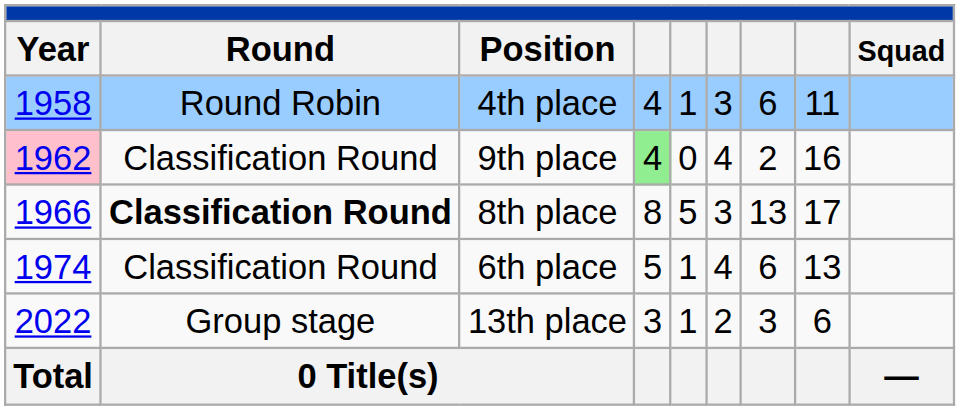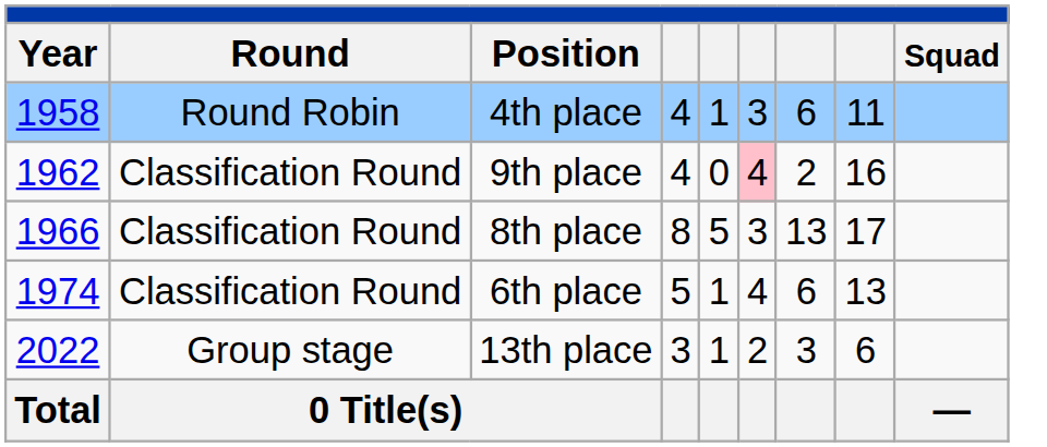 <table class="wikitable" style="text-align: center; font-size:95%;">
 <tr>
 <th colspan=9 style="background:#0038A8; color: #FFFFFF;"><a href='#'></a></th>
 </tr>
 <tr>
 <th>Year</th>
 <th>Round</th>
 <th>Position</th>
 <th></th>
 <th></th>
 <th></th>
 <th></th>
 <th></th>
 <th><small>Squad</small></th>
 </tr>
 <tr bgcolor=#9acdff>
 <td> <a href='#'>1958</a></td>
 <td>Round Robin</td>
 <td>4th place</td>
 <td>4</td>
 <td>1</td>
 <td>3</td>
 <td>6</td>
 <td>11</td>
 <td></td>
 </tr>
 <tr>
-<td style="background: pink;"> <a href='#'>1962</a></td>
+<td> <a href='#'>1962</a></td>
 <td>Classification Round</td>
 <td>9th place</td>
-<td style="background: lightgreen;">4</td>
+<td>4</td>
 <td>0</td>
-<td>4</td>
+<td style="background: pink;">4</td>
 <td>2</td>
 <td>16</td>
 <td></td>
 </tr>
 <tr>
 <td> <a href='#'>1966</a></td>
-<td><strong>Classification Round</strong></td>
+<td>Classification Round</td>
 <td>8th place</td>
 <td>8</td>
 <td>5</td>
 <td>3</td>
 <td>13</td>
 <td>17</td>
 <td></td>
 </tr>
 <tr>
 <td> <a href='#'>1974</a></td>
 <td>Classification Round</td>
 <td>6th place</td>
 <td>5</td>
 <td>1</td>
 <td>4</td>
 <td>6</td>
 <td>13</td>
 <td></td>
 </tr>
 <tr>
 <td> <a href='#'>2022</a></td>
 <td>Group stage</td>
 <td>13th place</td>
 <td>3</td>
 <td>1</td>
 <td>2</td>
 <td>3</td>
 <td>6</td>
 <td></td>
 </tr>
 <tr>
 <th>Total</th>
 <th colspan=2>0 Title(s)</th>
 <th></th>
 <th></th>
 <th></th>
 <th></th>
 <th></th>
 <th>—</th>
 </tr>
 </table>
